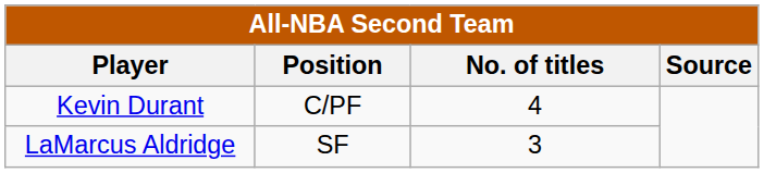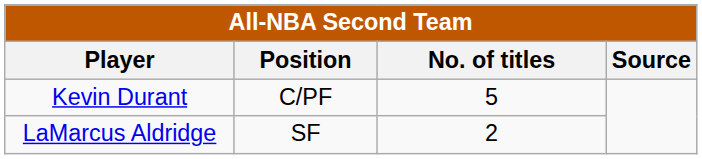 <table class="wikitable" style="text-align:center">
 <tr>
 <td colspan="5" style= "background: #BF5700; color:white"><strong>All-NBA Second Team</strong></td>
 </tr>
 <tr>
 <th style="width:150px; ">Player</th>
 <th style="width:90px; ">Position</th>
 <th style="width:150px; ">No. of titles</th>
 <th style="width:50px; ">Source</th>
 </tr>
 <tr>
 <td><a href='#'>Kevin Durant</a></td>
 <td>C/PF</td>
-<td>4</td>
+<td>5</td>
 <td rowspan="2"></td>
 </tr>
 <tr>
 <td><a href='#'>LaMarcus Aldridge</a></td>
 <td>SF</td>
-<td>3</td>
+<td>2</td>
 </tr>
 </table>
